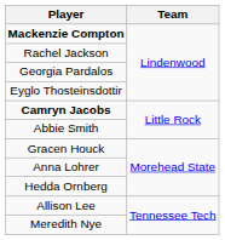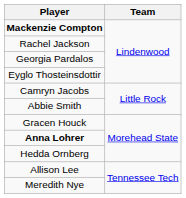 <table class="wikitable" style="text-align: center;">
 <tr>
 <th>Player</th>
 <th>Team</th>
 </tr>
 <tr>
 <td><strong>Mackenzie Compton</strong></td>
 <td rowspan=4><a href='#'>Lindenwood</a></td>
 </tr>
 <tr>
 <td>Rachel Jackson</td>
 </tr>
 <tr>
 <td>Georgia Pardalos</td>
 </tr>
 <tr>
 <td>Eyglo Thosteinsdottir</td>
 </tr>
 <tr>
-<td><strong>Camryn Jacobs</strong></td>
+<td>Camryn Jacobs</td>
 <td rowspan=2><a href='#'>Little Rock</a></td>
 </tr>
 <tr>
 <td>Abbie Smith</td>
 </tr>
 <tr>
 <td>Gracen Houck</td>
 <td rowspan=3><a href='#'>Morehead State</a></td>
 </tr>
 <tr>
-<td>Anna Lohrer</td>
+<td><strong>Anna Lohrer</strong></td>
 </tr>
 <tr>
 <td>Hedda Ornberg</td>
 </tr>
 <tr>
 <td>Allison Lee</td>
 <td rowspan=2><a href='#'>Tennessee Tech</a></td>
 </tr>
 <tr>
 <td>Meredith Nye</td>
 </tr>
 </table>
